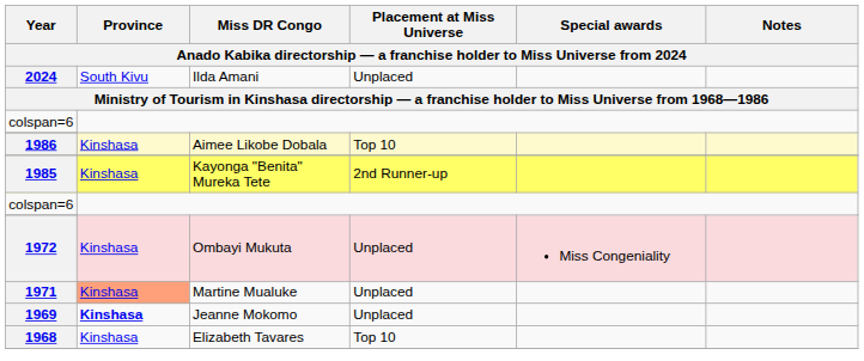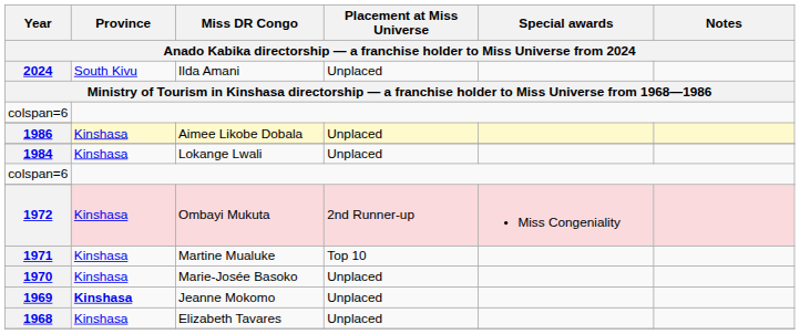 <table class="wikitable " style="font-size: 90%;">
 <tr>
 <th width="60">Year</th>
 <th width="150">Province</th>
 <th width="250">Miss DR Congo</th>
 <th width="250">Placement at Miss Universe</th>
 <th width="250">Special awards</th>
 <th width="250">Notes</th>
 </tr>
 <tr>
 <th colspan="6">Anado Kabika directorship — a franchise holder to Miss Universe from 2024</th>
 </tr>
 <tr>
 <th><a href='#'>2024</a></th>
 <td><a href='#'>South Kivu</a></td>
 <td>Ilda Amani</td>
 <td>Unplaced</td>
 <td></td>
 <td></td>
 </tr>
 <tr>
 <th colspan="6">Ministry of Tourism in Kinshasa directorship — a franchise holder to Miss Universe from 1968―1986</th>
 </tr>
 <tr>
 <td>colspan=6 </td>
 </tr>
 <tr>
 </tr>
 <tr style="background-color:#FFFACD; ">
 <th><a href='#'>1986</a></th>
 <td><a href='#'>Kinshasa</a></td>
 <td>Aimee Likobe Dobala</td>
-<td>Top 10</td>
+<td>Unplaced</td>
 <td></td>
 <td></td>
 </tr>
 <tr>
 </tr>
-<tr style="background-color:#FFFF66; ">
-<th><a href='#'>1985</a></th>
+<tr>
+<th><a href='#'>1984</a></th>
 <td><a href='#'>Kinshasa</a></td>
-<td>Kayonga "Benita" Mureka Tete</td>
-<td>2nd Runner-up</td>
+<td>Lokange Lwali</td>
+<td>Unplaced</td>
 <td></td>
 <td></td>
 </tr>
 <tr>
 <td>colspan=6 </td>
 </tr>
 <tr>
 </tr>
 <tr style="background-color:#FADADD; ">
 <th><a href='#'>1972</a></th>
 <td><a href='#'>Kinshasa</a></td>
 <td>Ombayi Mukuta</td>
-<td>Unplaced</td>
+<td>2nd Runner-up</td>
 <td align="left"><br><ul><li>Miss Congeniality</li></ul></td>
 <td></td>
 </tr>
 <tr>
 <th><a href='#'>1971</a></th>
-<td style="background: lightsalmon;"><a href='#'>Kinshasa</a></td>
+<td><a href='#'>Kinshasa</a></td>
 <td>Martine Mualuke</td>
+<td>Top 10</td>
+<td></td>
+<td></td>
+</tr>
+<tr>
+<th><a href='#'>1970</a></th>
+<td><a href='#'>Kinshasa</a></td>
+<td>Marie-Josée Basoko</td>
 <td>Unplaced</td>
 <td></td>
 <td></td>
 </tr>
 <tr>
 <th><a href='#'>1969</a></th>
 <td><strong><a href='#'>Kinshasa</a></strong></td>
 <td>Jeanne Mokomo</td>
 <td>Unplaced</td>
 <td></td>
 <td></td>
 </tr>
 <tr>
 <th><a href='#'>1968</a></th>
 <td><a href='#'>Kinshasa</a></td>
 <td>Elizabeth Tavares</td>
-<td>Top 10</td>
+<td>Unplaced</td>
 <td></td>
 <td></td>
 </tr>
 <tr>
 </tr>
 </table>
